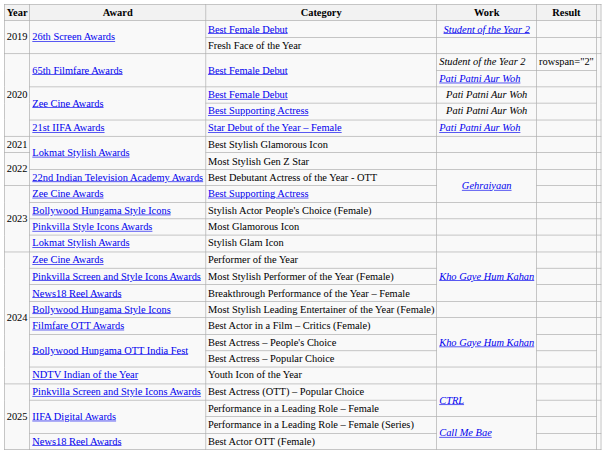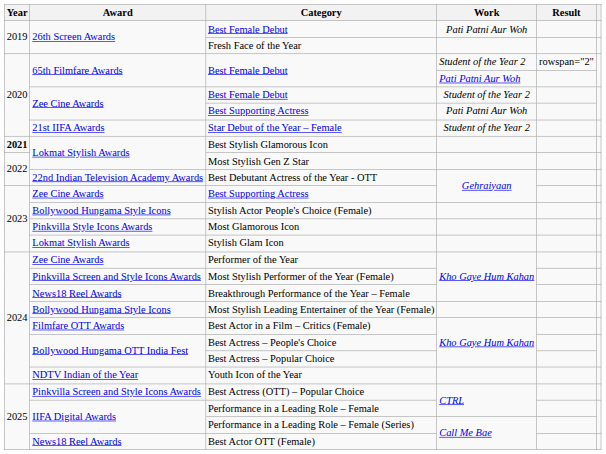 <table class="wikitable">
 <tr>
 <th>Year</th>
 <th>Award</th>
 <th>Category</th>
 <th>Work</th>
 <th>Result</th>
 <th></th>
 </tr>
 <tr>
 <td style="text-align:center;" rowspan="2">2019</td>
 <td rowspan="2"><a href='#'>26th Screen Awards</a></td>
 <td><a href='#'>Best Female Debut</a></td>
-<td style="text-align:center;"><em><a href='#'>Student of the Year 2</a></em></td>
+<td style="text-align:center;"><em>Pati Patni Aur Woh</em></td>
 <td></td>
 <td style="text-align:center;"></td>
 </tr>
 <tr>
 <td>Fresh Face of the Year</td>
 <td></td>
 <td></td>
 <td style="text-align:center;"></td>
 </tr>
 <tr>
 <td rowspan="5" style="text-align:center;">2020</td>
 <td rowspan="2"><a href='#'>65th Filmfare Awards</a></td>
 <td rowspan="2"><a href='#'>Best Female Debut</a></td>
 <td><em>Student of the Year 2</em></td>
 <td>rowspan="2" </td>
 <td rowspan="2" style="text-align:center;"></td>
 </tr>
 <tr>
 <td><em><a href='#'>Pati Patni Aur Woh</a></em></td>
 </tr>
 <tr>
 <td rowspan=2><a href='#'>Zee Cine Awards</a></td>
 <td><a href='#'>Best Female Debut</a></td>
-<td style="text-align:center;"><em>Pati Patni Aur Woh</em></td>
+<td style="text-align:center;"><em>Student of the Year 2</em></td>
 <td></td>
 <td style="text-align:center;" rowspan=2></td>
 </tr>
 <tr>
 <td><a href='#'>Best Supporting Actress</a></td>
 <td style="text-align:center;"><em>Pati Patni Aur Woh</em></td>
 <td></td>
 </tr>
 <tr>
 <td><a href='#'>21st IIFA Awards</a></td>
 <td><a href='#'>Star Debut of the Year – Female</a></td>
-<td><em><a href='#'>Pati Patni Aur Woh</a></em></td>
+<td style="text-align:center;"><em>Student of the Year 2</em></td>
 <td></td>
 <td style="text-align:center;"></td>
 </tr>
 <tr>
-<td>2021</td>
+<td><strong>2021</strong></td>
 <td rowspan="2"><a href='#'>Lokmat Stylish Awards</a></td>
 <td>Best Stylish Glamorous Icon</td>
 <td></td>
 <td></td>
 <td style="text-align:center;"></td>
 </tr>
 <tr>
 <td rowspan="2">2022</td>
 <td>Most Stylish Gen Z Star</td>
 <td></td>
 <td></td>
 <td style="text-align:center;"></td>
 </tr>
 <tr>
 <td><a href='#'>22nd Indian Television Academy Awards</a></td>
 <td>Best Debutant Actress of the Year - OTT</td>
 <td style="text-align:center;" rowspan="2"><em><a href='#'>Gehraiyaan</a></em></td>
 <td></td>
 <td style="text-align:center;"></td>
 </tr>
 <tr>
 <td rowspan="4">2023</td>
 <td><a href='#'>Zee Cine Awards</a></td>
 <td><a href='#'>Best Supporting Actress</a></td>
 <td></td>
 <td style="text-align:center;"></td>
 </tr>
 <tr>
 <td><a href='#'>Bollywood Hungama Style Icons</a></td>
 <td>Stylish Actor People's Choice (Female)</td>
 <td></td>
 <td></td>
 <td style="text-align:center;"></td>
 </tr>
 <tr>
 <td><a href='#'>Pinkvilla Style Icons Awards</a></td>
 <td>Most Glamorous Icon</td>
 <td></td>
 <td></td>
 <td style="text-align:center;"></td>
 </tr>
 <tr>
 <td><a href='#'>Lokmat Stylish Awards</a></td>
 <td>Stylish Glam Icon</td>
 <td></td>
 <td></td>
 <td style="text-align:center;"></td>
 </tr>
 <tr>
 <td rowspan="8">2024</td>
 <td><a href='#'>Zee Cine Awards</a></td>
 <td>Performer of the Year</td>
 <td rowspan="3"><em><a href='#'>Kho Gaye Hum Kahan</a></em></td>
 <td></td>
 <td style="text-align:center;"></td>
 </tr>
 <tr>
 <td><a href='#'>Pinkvilla Screen and Style Icons Awards</a></td>
 <td>Most Stylish Performer of the Year (Female)</td>
 <td></td>
 <td style="text-align:center;"></td>
 </tr>
 <tr>
 <td><a href='#'>News18 Reel Awards</a></td>
 <td>Breakthrough Performance of the Year – Female</td>
 <td></td>
 <td style="text-align:center;"></td>
 </tr>
 <tr>
 <td><a href='#'>Bollywood Hungama Style Icons</a></td>
 <td>Most Stylish Leading Entertainer of the Year (Female)</td>
 <td></td>
 <td></td>
 <td style="text-align:center;"></td>
 </tr>
 <tr>
 <td><a href='#'>Filmfare OTT Awards</a></td>
 <td>Best Actor in a Film – Critics (Female)</td>
 <td rowspan="3"><em><a href='#'>Kho Gaye Hum Kahan</a></em></td>
 <td></td>
 <td style="text-align:center;"></td>
 </tr>
 <tr>
 <td rowspan="2"><a href='#'>Bollywood Hungama OTT India Fest</a></td>
 <td>Best Actress – People's Choice</td>
 <td></td>
 <td rowspan="2" style="text-align:center;"></td>
 </tr>
 <tr>
 <td>Best Actress – Popular Choice</td>
 <td></td>
 </tr>
 <tr>
 <td><a href='#'>NDTV Indian of the Year</a></td>
 <td>Youth Icon of the Year</td>
 <td></td>
 <td></td>
 <td style="text-align:center;"></td>
 </tr>
 <tr>
 <td rowspan="4">2025</td>
 <td><a href='#'>Pinkvilla Screen and Style Icons Awards</a></td>
 <td>Best Actress (OTT) – Popular Choice</td>
 <td rowspan="2"><em><a href='#'>CTRL</a></em></td>
 <td></td>
 <td style="text-align:center;"></td>
 </tr>
 <tr>
 <td rowspan="2"><a href='#'>IIFA Digital Awards</a></td>
 <td>Performance in a Leading Role –  Female</td>
 <td></td>
 <td rowspan="2" style="text-align:center;"></td>
 </tr>
 <tr>
 <td>Performance in a Leading Role –  Female (Series)</td>
 <td rowspan="2"><em><a href='#'>Call Me Bae</a></em></td>
 <td></td>
 </tr>
 <tr>
 <td><a href='#'>News18 Reel Awards</a></td>
 <td>Best Actor OTT (Female)</td>
 <td></td>
 <td style="text-align:center;"></td>
 </tr>
 </table>
